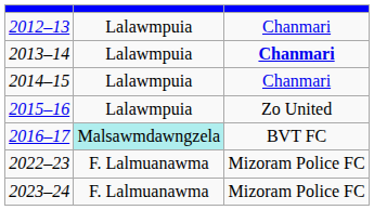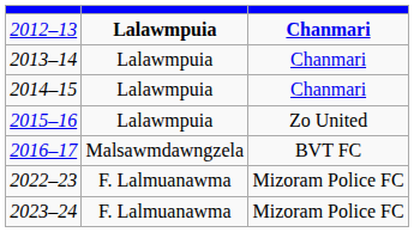 <table class="wikitable sortable" style="text-align: center;">
 <tr>
 <th style="background:#0000FF;"></th>
 <th style="background:#0000FF;"></th>
 <th style="background:#0000FF;"></th>
 </tr>
 <tr>
 <td><em><a href='#'>2012–13</a></em></td>
-<td>Lalawmpuia</td>
-<td><a href='#'>Chanmari</a></td>
+<td><strong>Lalawmpuia</strong></td>
+<td><strong><a href='#'>Chanmari</a></strong></td>
 </tr>
 <tr>
 <td><em>2013–14</em></td>
 <td>Lalawmpuia</td>
-<td><strong><a href='#'>Chanmari</a></strong></td>
+<td><a href='#'>Chanmari</a></td>
 </tr>
 <tr>
 <td><em>2014–15</em></td>
 <td>Lalawmpuia</td>
 <td><a href='#'>Chanmari</a></td>
 </tr>
 <tr>
 <td><em><a href='#'>2015–16</a></em></td>
 <td>Lalawmpuia</td>
 <td>Zo United</td>
 </tr>
 <tr>
 <td><em><a href='#'>2016–17</a></em></td>
-<td style="background: paleturquoise;">Malsawmdawngzela</td>
+<td>Malsawmdawngzela</td>
 <td>BVT FC</td>
 </tr>
 <tr>
 <td><em>2022–23</em></td>
 <td>F. Lalmuanawma</td>
 <td>Mizoram Police FC</td>
 </tr>
 <tr>
 <td><em>2023–24</em></td>
 <td>F. Lalmuanawma</td>
 <td>Mizoram Police FC</td>
 </tr>
 </table>
